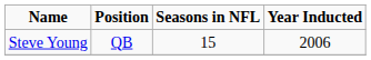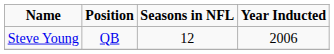 <table class="wikitable" style="text-align:center">
 <tr style="text-align:center; ">
 <td><strong>Name</strong></td>
 <td><strong>Position</strong></td>
 <td><strong>Seasons in NFL</strong></td>
 <td><strong>Year Inducted</strong></td>
 </tr>
 <tr>
 <td><a href='#'>Steve Young</a></td>
 <td><a href='#'>QB</a></td>
-<td>15</td>
+<td>12</td>
 <td>2006</td>
 </tr>
 <tr>
 </tr>
 </table>
